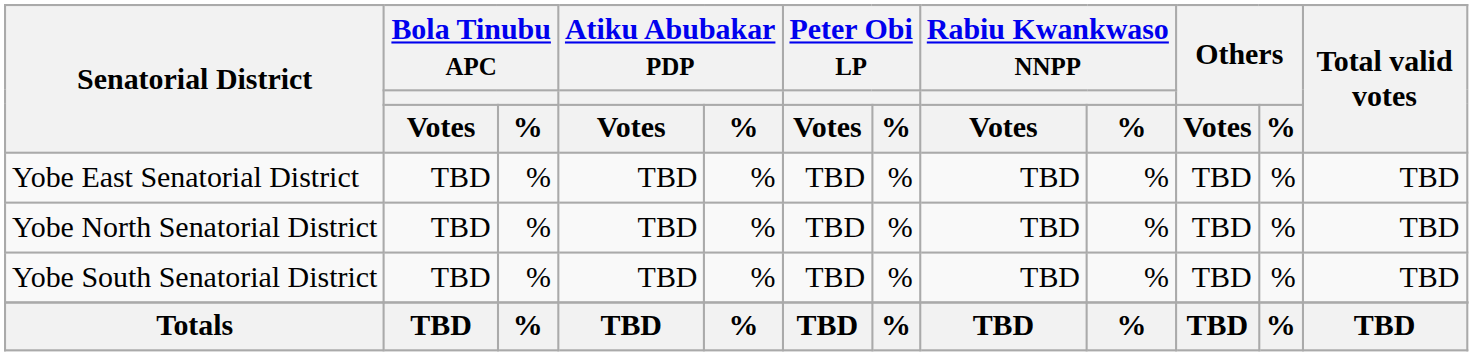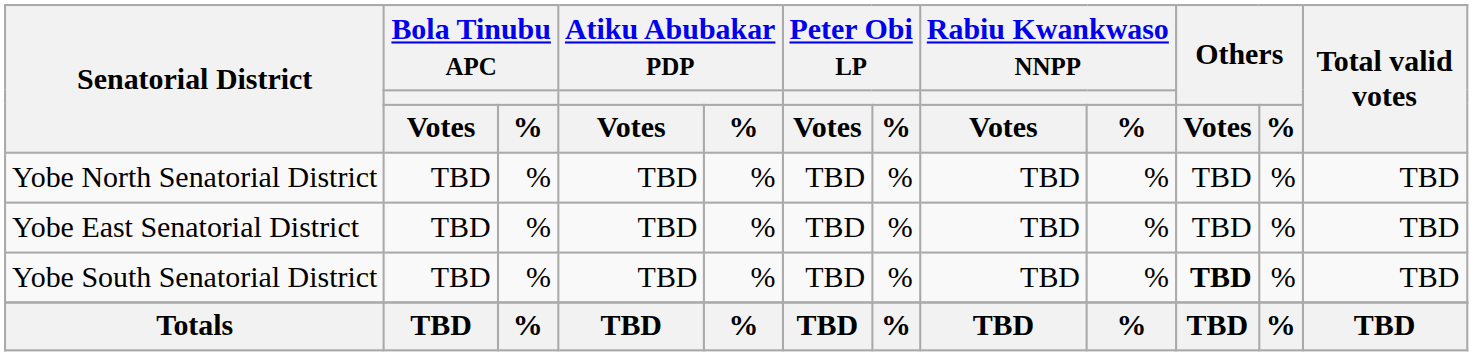 <table class="wikitable sortable" style="text-align:right; font-size:90%">
 <tr>
 <th rowspan="3" style="max-width:7.5em;">Senatorial District</th>
 <th colspan="2"><a href='#'>Bola Tinubu</a><br><small>APC</small></th>
 <th colspan="2"><a href='#'>Atiku Abubakar</a><br><small>PDP</small></th>
 <th colspan="2"><a href='#'>Peter Obi</a><br><small>LP</small></th>
 <th colspan="2"><a href='#'>Rabiu Kwankwaso</a><br><small>NNPP</small></th>
 <th colspan="2" rowspan="2">Others</th>
 <th rowspan="3" style="max-width:5em;">Total valid votes</th>
 </tr>
 <tr>
 <th colspan=2 style="background-color:"></th>
 <th colspan=2 style="background-color:"></th>
 <th colspan=2 style="background-color:"></th>
 <th colspan=2 style="background-color:"></th>
 </tr>
 <tr>
 <th>Votes</th>
 <th>%</th>
 <th>Votes</th>
 <th>%</th>
 <th>Votes</th>
 <th>%</th>
 <th>Votes</th>
 <th>%</th>
 <th>Votes</th>
 <th>%</th>
 </tr>
 <tr style="background-color:#">
-<td style="text-align:left;">Yobe East Senatorial District</td>
+<td style="text-align:left;">Yobe North Senatorial District</td>
 <td>TBD</td>
 <td>%</td>
 <td>TBD</td>
 <td>%</td>
 <td>TBD</td>
 <td>%</td>
 <td>TBD</td>
 <td>%</td>
 <td>TBD</td>
 <td>%</td>
 <td>TBD</td>
 </tr>
 <tr style="background-color:#">
-<td style="text-align:left;">Yobe North Senatorial District</td>
+<td style="text-align:left;">Yobe East Senatorial District</td>
 <td>TBD</td>
 <td>%</td>
 <td>TBD</td>
 <td>%</td>
 <td>TBD</td>
 <td>%</td>
 <td>TBD</td>
 <td>%</td>
 <td>TBD</td>
 <td>%</td>
 <td>TBD</td>
 </tr>
 <tr style="background-color:#">
 <td style="text-align:left;">Yobe South Senatorial District</td>
 <td>TBD</td>
 <td>%</td>
 <td>TBD</td>
 <td>%</td>
 <td>TBD</td>
 <td>%</td>
 <td>TBD</td>
 <td>%</td>
-<td>TBD</td>
+<td><strong>TBD</strong></td>
 <td>%</td>
 <td>TBD</td>
 </tr>
 <tr>
 </tr>
 <tr>
 <th>Totals</th>
 <th>TBD</th>
 <th>%</th>
 <th>TBD</th>
 <th>%</th>
 <th>TBD</th>
 <th>%</th>
 <th>TBD</th>
 <th>%</th>
 <th>TBD</th>
 <th>%</th>
 <th>TBD</th>
 </tr>
 </table>
